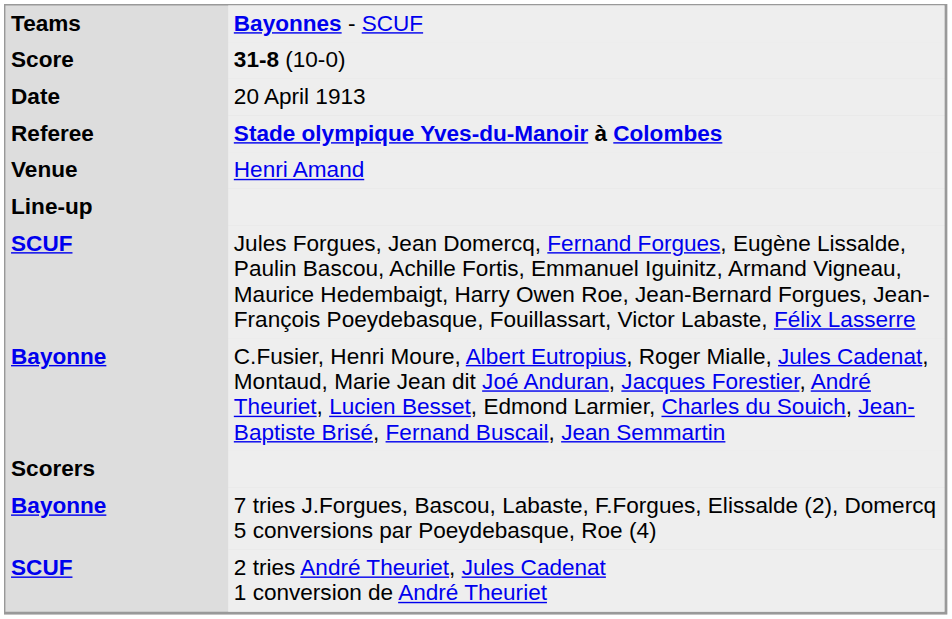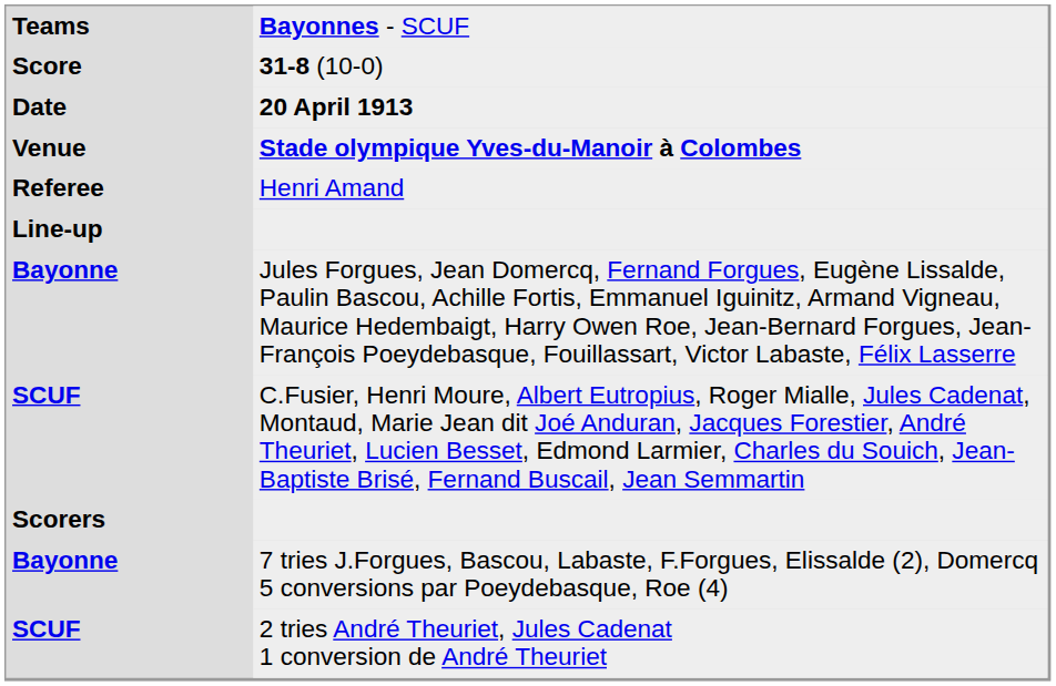 <table align="left" cellpadding="4" cellspacing="0"  style="margin: 0 0 0 0; border: 1px solid #999; border-right-width: 2px; border-bottom-width: 2px; background-color: #DDDDDD">
 <tr>
 <td width="150" valign="top"><strong>Teams</strong></td>
 <td width="500" bgcolor=#EEEEEE><strong><a href='#'>Bayonnes</a></strong> - <a href='#'>SCUF</a></td>
 </tr>
 <tr>
 <td valign="top"><strong>Score</strong></td>
 <td bgcolor=#EEEEEE><strong>31-8</strong> (10-0)</td>
 </tr>
 <tr>
 <td valign="top"><strong>Date</strong></td>
-<td bgcolor=#EEEEEE>20 April 1913</td>
+<td bgcolor=#EEEEEE><strong>20 April 1913</strong></td>
+</tr>
+<tr>
+<td valign="top"><strong>Venue</strong></td>
+<td bgcolor=#EEEEEE><strong><a href='#'>Stade olympique Yves-du-Manoir</a> à <a href='#'>Colombes</a></strong></td>
 </tr>
 <tr>
 <td valign="top"><strong>Referee</strong></td>
-<td bgcolor=#EEEEEE><strong><a href='#'>Stade olympique Yves-du-Manoir</a> à <a href='#'>Colombes</a></strong></td>
-</tr>
-<tr>
-<td valign="top"><strong>Venue</strong></td>
 <td bgcolor=#EEEEEE><a href='#'>Henri Amand</a></td>
 </tr>
 <tr>
 <td valign="top"><strong>Line-up</strong></td>
 <td bgcolor=#EEEEEE></td>
 </tr>
 <tr>
-<td valign="top"><strong><a href='#'>SCUF</a></strong></td>
+<td valign="top"><strong><a href='#'>Bayonne</a> </strong></td>
 <td bgcolor=#EEEEEE>Jules Forgues, Jean Domercq, <a href='#'>Fernand Forgues</a>, Eugène Lissalde, Paulin Bascou, Achille Fortis, Emmanuel Iguinitz, Armand Vigneau, Maurice Hedembaigt, Harry Owen Roe, Jean-Bernard Forgues, Jean-François Poeydebasque, Fouillassart, Victor Labaste, <a href='#'>Félix Lasserre</a></td>
 </tr>
 <tr>
-<td valign="top"><strong><a href='#'>Bayonne</a> </strong></td>
+<td valign="top"><strong><a href='#'>SCUF</a></strong></td>
 <td bgcolor=#EEEEEE>C.Fusier, Henri Moure, <a href='#'>Albert Eutropius</a>, Roger Mialle, <a href='#'>Jules Cadenat</a>, Montaud, Marie Jean dit <a href='#'>Joé Anduran</a>, <a href='#'>Jacques Forestier</a>, <a href='#'>André Theuriet</a>, <a href='#'>Lucien Besset</a>, Edmond Larmier, <a href='#'>Charles du Souich</a>, <a href='#'>Jean-Baptiste Brisé</a>, <a href='#'>Fernand Buscail</a>, <a href='#'>Jean Semmartin</a></td>
 </tr>
 <tr>
 <td valign="top"><strong>Scorers</strong></td>
 <td bgcolor=#EEEEEE></td>
 </tr>
 <tr>
 <td valign="top"><strong><a href='#'>Bayonne</a>  </strong></td>
 <td bgcolor=#EEEEEE>7 tries J.Forgues, Bascou, Labaste, F.Forgues, Elissalde (2), Domercq<br>5 conversions par Poeydebasque, Roe (4)</td>
 </tr>
 <tr>
 <td valign="top"><strong><a href='#'>SCUF</a></strong></td>
 <td bgcolor=#EEEEEE>2 tries <a href='#'>André Theuriet</a>, <a href='#'>Jules Cadenat</a><br>1 conversion de <a href='#'>André Theuriet</a></td>
 </tr>
 </table>
